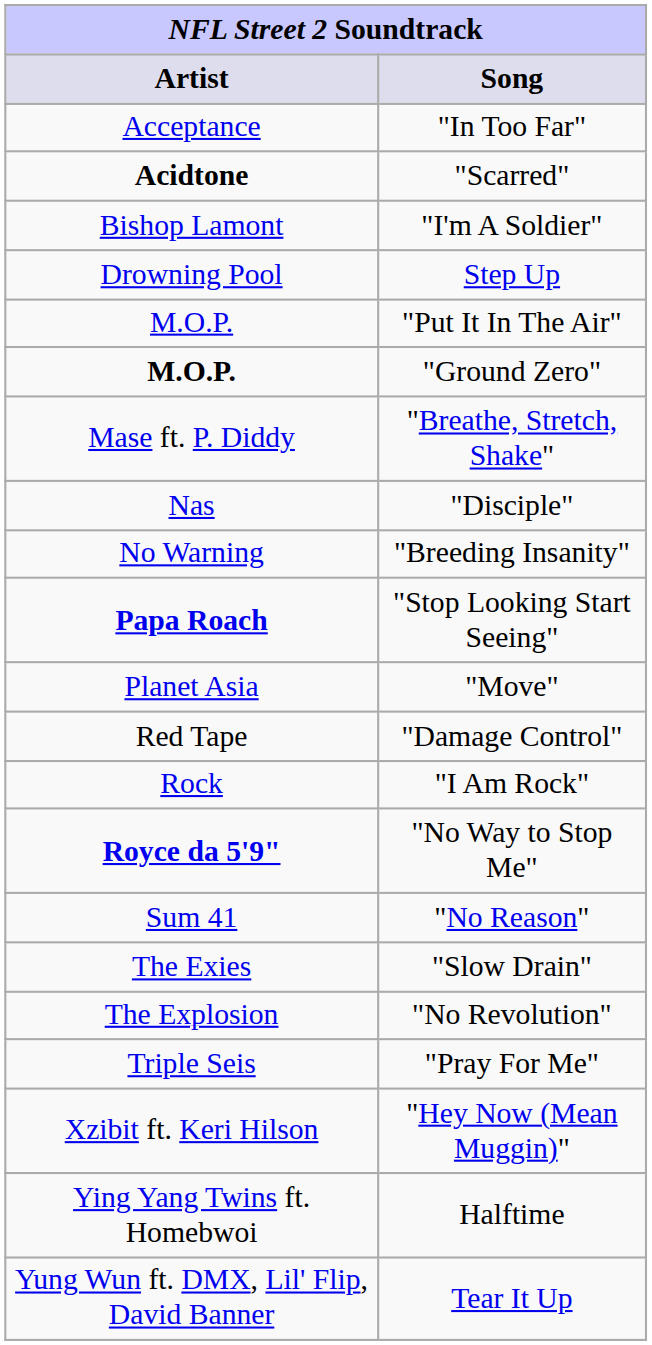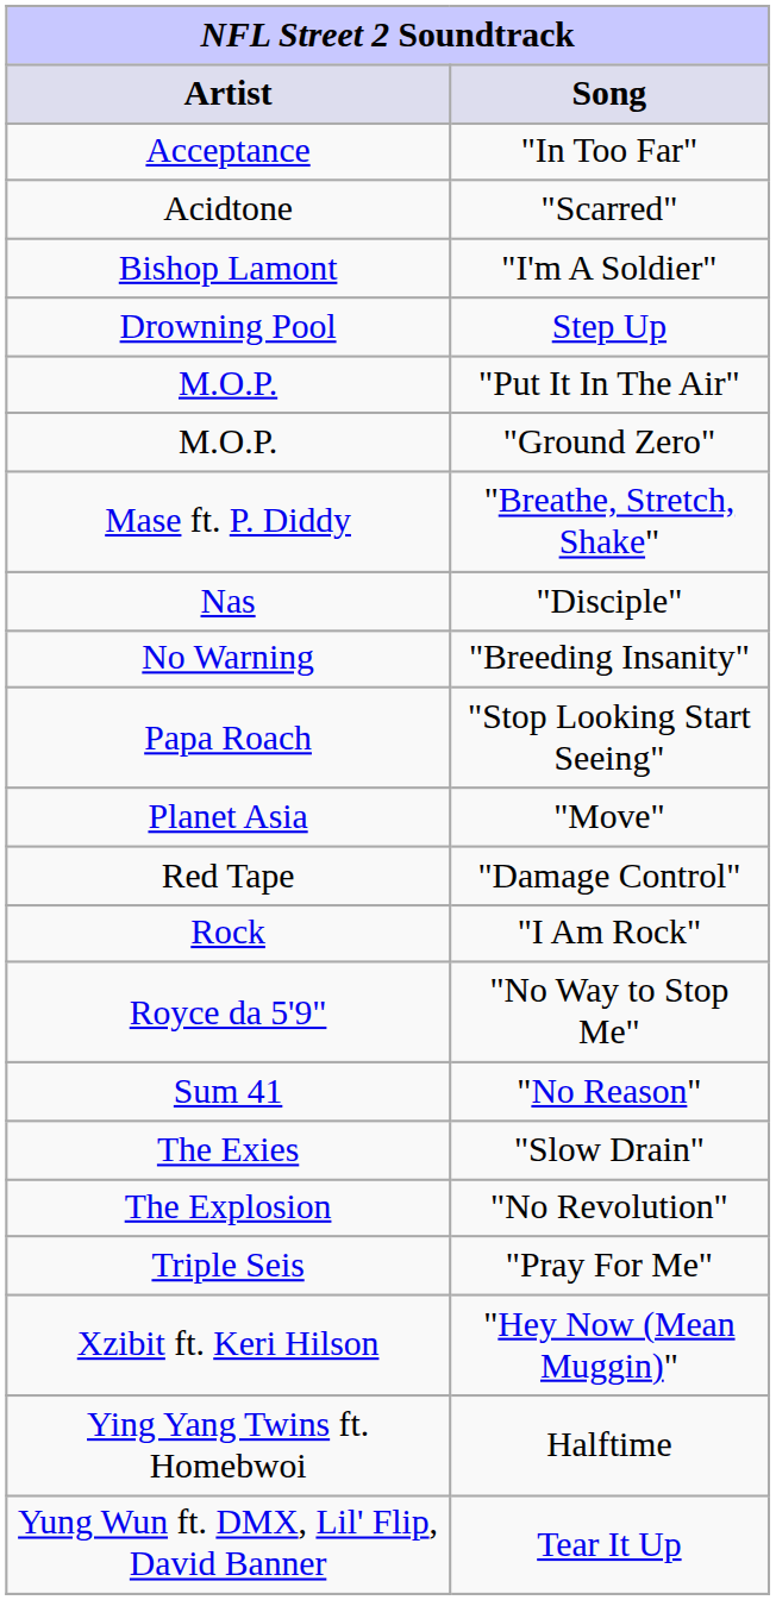 <table class="wikitable" style="font-size:90%; text-align:center; width:50%; margin: 5px;">
 <tr>
 <th colspan="2" style="background:#C8C8FF;"><em>NFL Street 2</em> Soundtrack</th>
 </tr>
 <tr>
 <th style="background:#dde;">Artist</th>
 <th style="background:#dde;">Song</th>
 </tr>
 <tr>
 <td><a href='#'>Acceptance</a></td>
 <td>"In Too Far"</td>
 </tr>
 <tr>
-<td><strong>Acidtone</strong></td>
+<td>Acidtone</td>
 <td>"Scarred"</td>
 </tr>
 <tr>
 <td><a href='#'>Bishop Lamont</a></td>
 <td>"I'm A Soldier"</td>
 </tr>
 <tr>
 <td><a href='#'>Drowning Pool</a></td>
 <td><a href='#'>Step Up</a></td>
 </tr>
 <tr>
 <td><a href='#'>M.O.P.</a></td>
 <td>"Put It In The Air"</td>
 </tr>
 <tr>
-<td><strong>M.O.P.</strong></td>
+<td>M.O.P.</td>
 <td>"Ground Zero"</td>
 </tr>
 <tr>
 <td><a href='#'>Mase</a> ft. <a href='#'>P. Diddy</a></td>
 <td>"<a href='#'>Breathe, Stretch, Shake</a>"</td>
 </tr>
 <tr>
 <td><a href='#'>Nas</a></td>
 <td>"Disciple"</td>
 </tr>
 <tr>
 <td><a href='#'>No Warning</a></td>
 <td>"Breeding Insanity"</td>
 </tr>
 <tr>
-<td><strong><a href='#'>Papa Roach</a></strong></td>
+<td><a href='#'>Papa Roach</a></td>
 <td>"Stop Looking Start Seeing"</td>
 </tr>
 <tr>
 <td><a href='#'>Planet Asia</a></td>
 <td>"Move"</td>
 </tr>
 <tr>
 <td>Red Tape</td>
 <td>"Damage Control"</td>
 </tr>
 <tr>
 <td><a href='#'>Rock</a></td>
 <td>"I Am Rock"</td>
 </tr>
 <tr>
-<td><strong><a href='#'>Royce da 5'9"</a></strong></td>
+<td><a href='#'>Royce da 5'9"</a></td>
 <td>"No Way to Stop Me"</td>
 </tr>
 <tr>
 <td><a href='#'>Sum 41</a></td>
 <td>"<a href='#'>No Reason</a>"</td>
 </tr>
 <tr>
 <td><a href='#'>The Exies</a></td>
 <td>"Slow Drain"</td>
 </tr>
 <tr>
 <td><a href='#'>The Explosion</a></td>
 <td>"No Revolution"</td>
 </tr>
 <tr>
 <td><a href='#'>Triple Seis</a></td>
 <td>"Pray For Me"</td>
 </tr>
 <tr>
 <td><a href='#'>Xzibit</a> ft. <a href='#'>Keri Hilson</a></td>
 <td>"<a href='#'>Hey Now (Mean Muggin)</a>"</td>
 </tr>
 <tr>
 <td><a href='#'>Ying Yang Twins</a> ft. Homebwoi</td>
 <td>Halftime</td>
 </tr>
 <tr>
 <td><a href='#'>Yung Wun</a> ft. <a href='#'>DMX</a>, <a href='#'>Lil' Flip</a>, <a href='#'>David Banner</a></td>
 <td><a href='#'>Tear It Up</a></td>
 </tr>
 </table>
